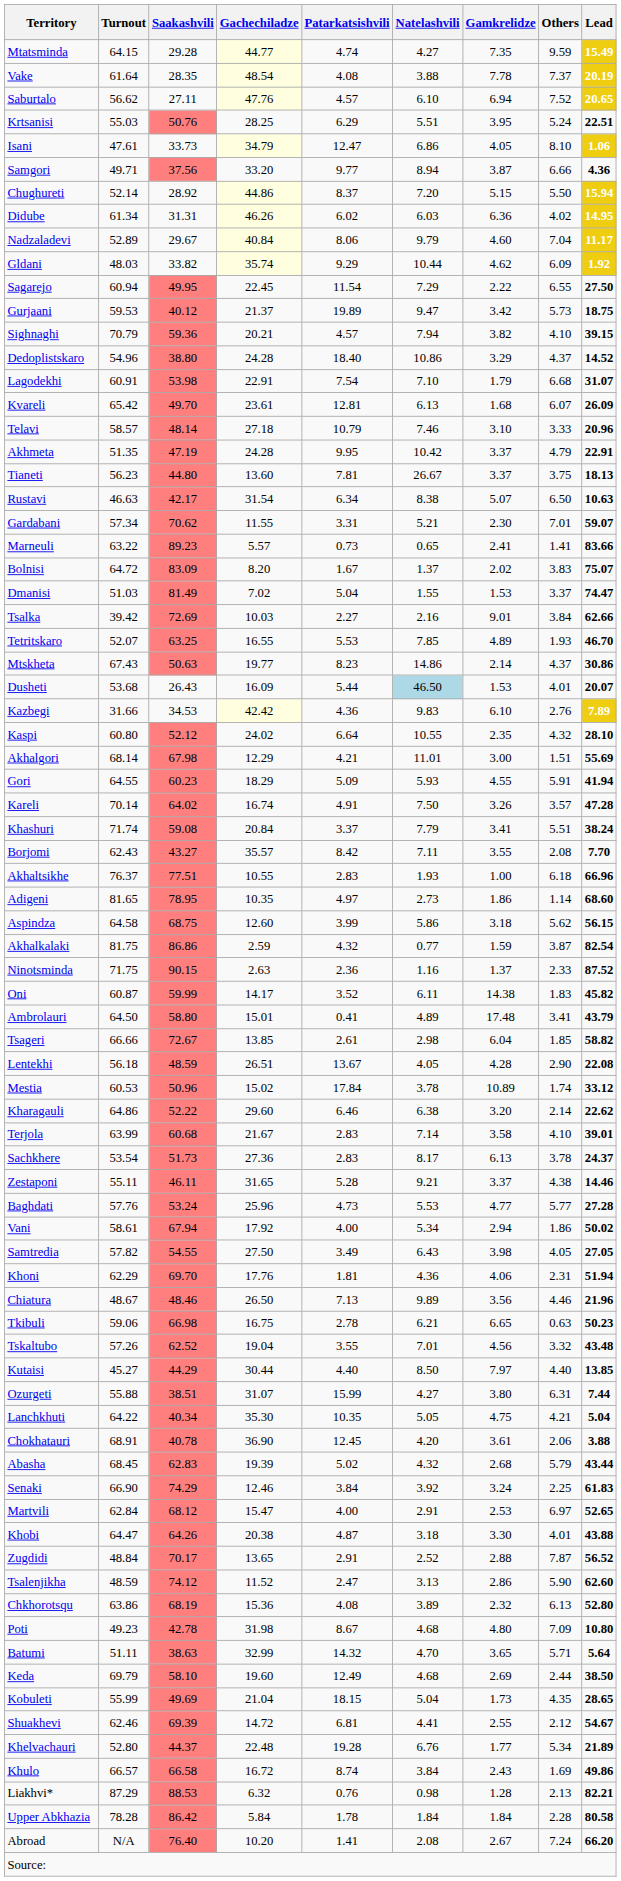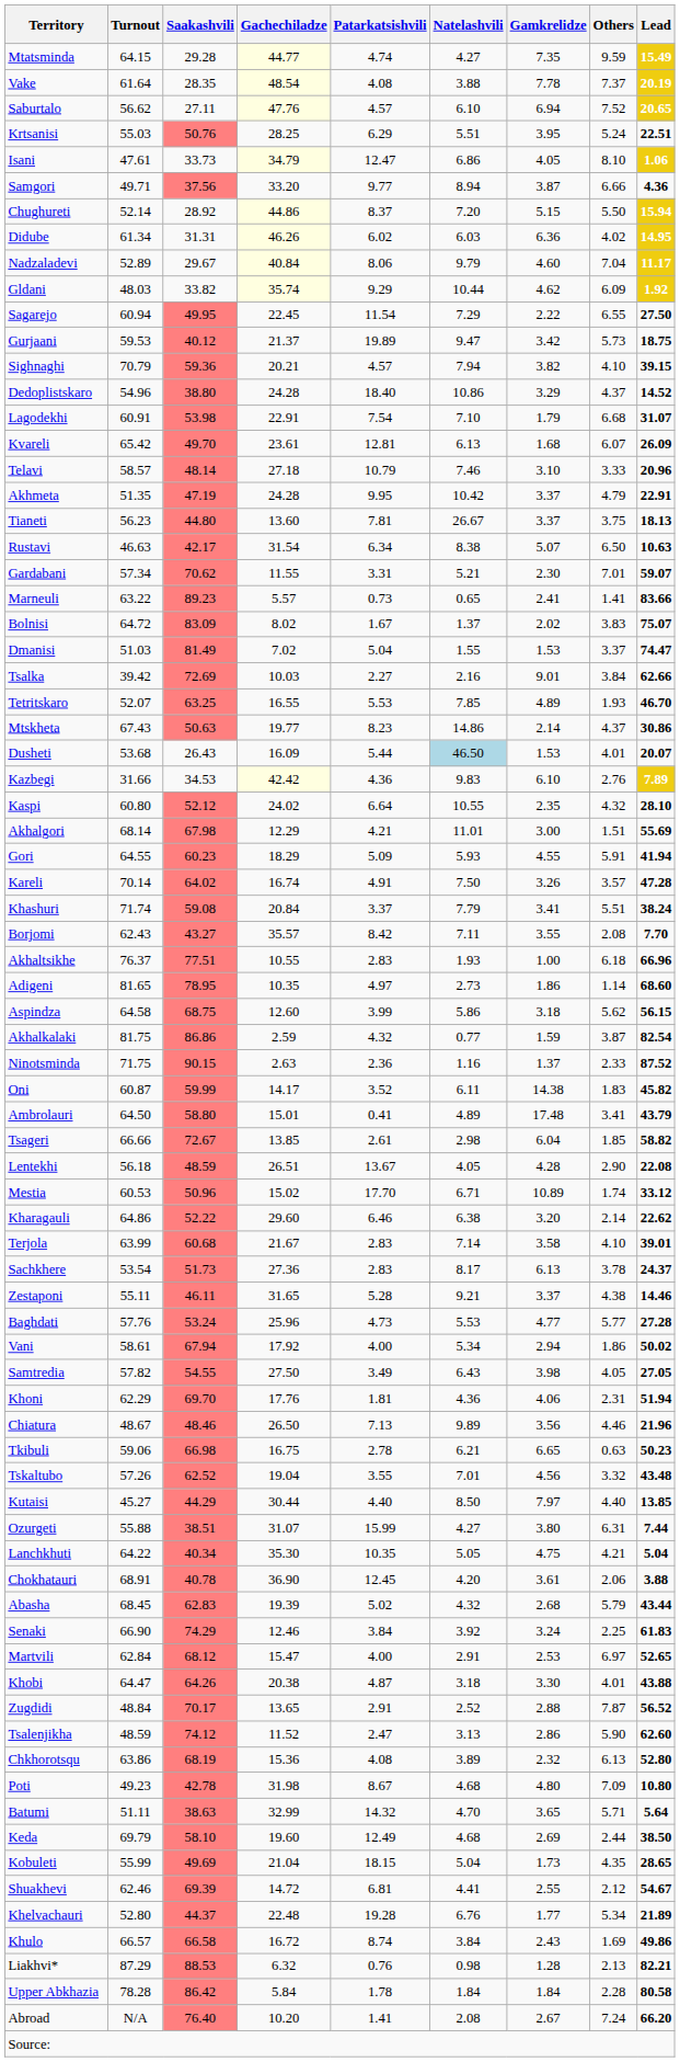 <table class="wikitable sortable" style="text-align:center;font-size:90%;line-height:20px">
 <tr style="height:40px;">
 <th style="width:100px;">Territory</th>
 <th style="width:40px;">Turnout</th>
 <th style="width:40px;"><a href='#'>Saakashvili</a></th>
 <th style="width:40px;"><a href='#'>Gachechiladze</a></th>
 <th style="width:40px;"><a href='#'>Patarkatsishvili</a></th>
 <th style="width:40px;"><a href='#'>Natelashvili</a></th>
 <th style="width:40px;"><a href='#'>Gamkrelidze</a></th>
 <th style="width:40px;">Others</th>
 <th style="width:30px;">Lead</th>
 </tr>
 <tr>
 <td align="left"><a href='#'>Mtatsminda</a></td>
 <td>64.15</td>
 <td>29.28</td>
 <td style="background:#FFFFE0;">44.77</td>
 <td>4.74</td>
 <td>4.27</td>
 <td>7.35</td>
 <td>9.59</td>
 <td style="background:#EFCD10; color:white;"><strong>15.49</strong></td>
 </tr>
 <tr>
 <td align="left"><a href='#'>Vake</a></td>
 <td>61.64</td>
 <td>28.35</td>
 <td style="background:#FFFFE0;">48.54</td>
 <td>4.08</td>
 <td>3.88</td>
 <td>7.78</td>
 <td>7.37</td>
 <td style="background:#EFCD10; color:white;"><strong>20.19</strong></td>
 </tr>
 <tr>
 <td align="left"><a href='#'>Saburtalo</a></td>
 <td>56.62</td>
 <td>27.11</td>
 <td style="background:#FFFFE0;">47.76</td>
 <td>4.57</td>
 <td>6.10</td>
 <td>6.94</td>
 <td>7.52</td>
 <td style="background:#EFCD10; color:white;"><strong>20.65</strong></td>
 </tr>
 <tr>
 <td align="left"><a href='#'>Krtsanisi</a></td>
 <td>55.03</td>
 <td style="background:#FF7F7F;">50.76</td>
 <td>28.25</td>
 <td>6.29</td>
 <td>5.51</td>
 <td>3.95</td>
 <td>5.24</td>
 <td style="background:"><strong>22.51</strong></td>
 </tr>
 <tr>
 <td align="left"><a href='#'>Isani</a></td>
 <td>47.61</td>
 <td>33.73</td>
 <td style="background:#FFFFE0;">34.79</td>
 <td>12.47</td>
 <td>6.86</td>
 <td>4.05</td>
 <td>8.10</td>
 <td style="background:#EFCD10; color:white;"><strong>1.06</strong></td>
 </tr>
 <tr>
 <td align="left"><a href='#'>Samgori</a></td>
 <td>49.71</td>
 <td style="background:#FF7F7F;">37.56</td>
 <td>33.20</td>
 <td>9.77</td>
 <td>8.94</td>
 <td>3.87</td>
 <td>6.66</td>
 <td style="background:"><strong>4.36</strong></td>
 </tr>
 <tr>
 <td align="left"><a href='#'>Chughureti</a></td>
 <td>52.14</td>
 <td>28.92</td>
 <td style="background:#FFFFE0;">44.86</td>
 <td>8.37</td>
 <td>7.20</td>
 <td>5.15</td>
 <td>5.50</td>
 <td style="background:#EFCD10; color:white;"><strong>15.94</strong></td>
 </tr>
 <tr>
 <td align="left"><a href='#'>Didube</a></td>
 <td>61.34</td>
 <td>31.31</td>
 <td style="background:#FFFFE0;">46.26</td>
 <td>6.02</td>
 <td>6.03</td>
 <td>6.36</td>
 <td>4.02</td>
 <td style="background:#EFCD10; color:white;"><strong>14.95</strong></td>
 </tr>
 <tr>
 <td align="left"><a href='#'>Nadzaladevi</a></td>
 <td>52.89</td>
 <td>29.67</td>
 <td style="background:#FFFFE0;">40.84</td>
 <td>8.06</td>
 <td>9.79</td>
 <td>4.60</td>
 <td>7.04</td>
 <td style="background:#EFCD10; color:white;"><strong>11.17</strong></td>
 </tr>
 <tr>
 <td align="left"><a href='#'>Gldani</a></td>
 <td>48.03</td>
 <td>33.82</td>
 <td style="background:#FFFFE0;">35.74</td>
 <td>9.29</td>
 <td>10.44</td>
 <td>4.62</td>
 <td>6.09</td>
 <td style="background:#EFCD10; color:white;"><strong>1.92</strong></td>
 </tr>
 <tr>
 <td align="left"><a href='#'>Sagarejo</a></td>
 <td>60.94</td>
 <td style="background:#FF7F7F;">49.95</td>
 <td>22.45</td>
 <td>11.54</td>
 <td>7.29</td>
 <td>2.22</td>
 <td>6.55</td>
 <td style="background:"><strong>27.50</strong></td>
 </tr>
 <tr>
 <td align="left"><a href='#'>Gurjaani</a></td>
 <td>59.53</td>
 <td style="background:#FF7F7F;">40.12</td>
 <td>21.37</td>
 <td>19.89</td>
 <td>9.47</td>
 <td>3.42</td>
 <td>5.73</td>
 <td style="background:"><strong>18.75</strong></td>
 </tr>
 <tr>
 <td align="left"><a href='#'>Sighnaghi</a></td>
 <td>70.79</td>
 <td style="background:#FF7F7F;">59.36</td>
 <td>20.21</td>
 <td>4.57</td>
 <td>7.94</td>
 <td>3.82</td>
 <td>4.10</td>
 <td style="background:"><strong>39.15</strong></td>
 </tr>
 <tr>
 <td align="left"><a href='#'>Dedoplistskaro</a></td>
 <td>54.96</td>
 <td style="background:#FF7F7F;">38.80</td>
 <td>24.28</td>
 <td>18.40</td>
 <td>10.86</td>
 <td>3.29</td>
 <td>4.37</td>
 <td style="background:"><strong>14.52</strong></td>
 </tr>
 <tr>
 <td align="left"><a href='#'>Lagodekhi</a></td>
 <td>60.91</td>
 <td style="background:#FF7F7F;">53.98</td>
 <td>22.91</td>
 <td>7.54</td>
 <td>7.10</td>
 <td>1.79</td>
 <td>6.68</td>
 <td style="background:"><strong>31.07</strong></td>
 </tr>
 <tr>
 <td align="left"><a href='#'>Kvareli</a></td>
 <td>65.42</td>
 <td style="background:#FF7F7F;">49.70</td>
 <td>23.61</td>
 <td>12.81</td>
 <td>6.13</td>
 <td>1.68</td>
 <td>6.07</td>
 <td style="background:"><strong>26.09</strong></td>
 </tr>
 <tr>
 <td align="left"><a href='#'>Telavi</a></td>
 <td>58.57</td>
 <td style="background:#FF7F7F;">48.14</td>
 <td>27.18</td>
 <td>10.79</td>
 <td>7.46</td>
 <td>3.10</td>
 <td>3.33</td>
 <td style="background:"><strong>20.96</strong></td>
 </tr>
 <tr>
 <td align="left"><a href='#'>Akhmeta</a></td>
 <td>51.35</td>
 <td style="background:#FF7F7F;">47.19</td>
 <td>24.28</td>
 <td>9.95</td>
 <td>10.42</td>
 <td>3.37</td>
 <td>4.79</td>
 <td style="background:"><strong>22.91</strong></td>
 </tr>
 <tr>
 <td align="left"><a href='#'>Tianeti</a></td>
 <td>56.23</td>
 <td style="background:#FF7F7F;">44.80</td>
 <td>13.60</td>
 <td>7.81</td>
 <td>26.67</td>
 <td>3.37</td>
 <td>3.75</td>
 <td style="background:"><strong>18.13</strong></td>
 </tr>
 <tr>
 <td align="left"><a href='#'>Rustavi</a></td>
 <td>46.63</td>
 <td style="background:#FF7F7F;">42.17</td>
 <td>31.54</td>
 <td>6.34</td>
 <td>8.38</td>
 <td>5.07</td>
 <td>6.50</td>
 <td style="background:"><strong>10.63</strong></td>
 </tr>
 <tr>
 <td align="left"><a href='#'>Gardabani</a></td>
 <td>57.34</td>
 <td style="background:#FF7F7F;">70.62</td>
 <td>11.55</td>
 <td>3.31</td>
 <td>5.21</td>
 <td>2.30</td>
 <td>7.01</td>
 <td style="background:"><strong>59.07</strong></td>
 </tr>
 <tr>
 <td align="left"><a href='#'>Marneuli</a></td>
 <td>63.22</td>
 <td style="background:#FF7F7F;">89.23</td>
 <td>5.57</td>
 <td>0.73</td>
 <td>0.65</td>
 <td>2.41</td>
 <td>1.41</td>
 <td style="background:"><strong>83.66</strong></td>
 </tr>
 <tr>
 <td align="left"><a href='#'>Bolnisi</a></td>
 <td>64.72</td>
 <td style="background:#FF7F7F;">83.09</td>
-<td>8.20</td>
+<td>8.02</td>
 <td>1.67</td>
 <td>1.37</td>
 <td>2.02</td>
 <td>3.83</td>
 <td style="background:"><strong>75.07</strong></td>
 </tr>
 <tr>
 <td align="left"><a href='#'>Dmanisi</a></td>
 <td>51.03</td>
 <td style="background:#FF7F7F;">81.49</td>
 <td>7.02</td>
 <td>5.04</td>
 <td>1.55</td>
 <td>1.53</td>
 <td>3.37</td>
 <td style="background:"><strong>74.47</strong></td>
 </tr>
 <tr>
 <td align="left"><a href='#'>Tsalka</a></td>
 <td>39.42</td>
 <td style="background:#FF7F7F;">72.69</td>
 <td>10.03</td>
 <td>2.27</td>
 <td>2.16</td>
 <td>9.01</td>
 <td>3.84</td>
 <td style="background:"><strong>62.66</strong></td>
 </tr>
 <tr>
 <td align="left"><a href='#'>Tetritskaro</a></td>
 <td>52.07</td>
 <td style="background:#FF7F7F;">63.25</td>
 <td>16.55</td>
 <td>5.53</td>
 <td>7.85</td>
 <td>4.89</td>
 <td>1.93</td>
 <td style="background:"><strong>46.70</strong></td>
 </tr>
 <tr>
 <td align="left"><a href='#'>Mtskheta</a></td>
 <td>67.43</td>
 <td style="background:#FF7F7F;">50.63</td>
 <td>19.77</td>
 <td>8.23</td>
 <td>14.86</td>
 <td>2.14</td>
 <td>4.37</td>
 <td style="background:"><strong>30.86</strong></td>
 </tr>
 <tr>
 <td align="left"><a href='#'>Dusheti</a></td>
 <td>53.68</td>
 <td>26.43</td>
 <td>16.09</td>
 <td>5.44</td>
 <td style="background:#ADD8E6;">46.50</td>
 <td>1.53</td>
 <td>4.01</td>
 <td style="background:"><strong>20.07</strong></td>
 </tr>
 <tr>
 <td align="left"><a href='#'>Kazbegi</a></td>
 <td>31.66</td>
 <td>34.53</td>
 <td style="background:#FFFFE0;">42.42</td>
 <td>4.36</td>
 <td>9.83</td>
 <td>6.10</td>
 <td>2.76</td>
 <td style="background:#EFCD10; color:white;"><strong>7.89</strong></td>
 </tr>
 <tr>
 <td align="left"><a href='#'>Kaspi</a></td>
 <td>60.80</td>
 <td style="background:#FF7F7F;">52.12</td>
 <td>24.02</td>
 <td>6.64</td>
 <td>10.55</td>
 <td>2.35</td>
 <td>4.32</td>
 <td style="background:"><strong>28.10</strong></td>
 </tr>
 <tr>
 <td align="left"><a href='#'>Akhalgori</a></td>
 <td>68.14</td>
 <td style="background:#FF7F7F;">67.98</td>
 <td>12.29</td>
 <td>4.21</td>
 <td>11.01</td>
 <td>3.00</td>
 <td>1.51</td>
 <td style="background:"><strong>55.69</strong></td>
 </tr>
 <tr>
 <td align="left"><a href='#'>Gori</a></td>
 <td>64.55</td>
 <td style="background:#FF7F7F;">60.23</td>
 <td>18.29</td>
 <td>5.09</td>
 <td>5.93</td>
 <td>4.55</td>
 <td>5.91</td>
 <td style="background:"><strong>41.94</strong></td>
 </tr>
 <tr>
 <td align="left"><a href='#'>Kareli</a></td>
 <td>70.14</td>
 <td style="background:#FF7F7F;">64.02</td>
 <td>16.74</td>
 <td>4.91</td>
 <td>7.50</td>
 <td>3.26</td>
 <td>3.57</td>
 <td style="background:"><strong>47.28</strong></td>
 </tr>
 <tr>
 <td align="left"><a href='#'>Khashuri</a></td>
 <td>71.74</td>
 <td style="background:#FF7F7F;">59.08</td>
 <td>20.84</td>
 <td>3.37</td>
 <td>7.79</td>
 <td>3.41</td>
 <td>5.51</td>
 <td style="background:"><strong>38.24</strong></td>
 </tr>
 <tr>
 <td align="left"><a href='#'>Borjomi</a></td>
 <td>62.43</td>
 <td style="background:#FF7F7F;">43.27</td>
 <td>35.57</td>
 <td>8.42</td>
 <td>7.11</td>
 <td>3.55</td>
 <td>2.08</td>
 <td style="background:"><strong>7.70</strong></td>
 </tr>
 <tr>
 <td align="left"><a href='#'>Akhaltsikhe</a></td>
 <td>76.37</td>
 <td style="background:#FF7F7F;">77.51</td>
 <td>10.55</td>
 <td>2.83</td>
 <td>1.93</td>
 <td>1.00</td>
 <td>6.18</td>
 <td style="background:"><strong>66.96</strong></td>
 </tr>
 <tr>
 <td align="left"><a href='#'>Adigeni</a></td>
 <td>81.65</td>
 <td style="background:#FF7F7F;">78.95</td>
 <td>10.35</td>
 <td>4.97</td>
 <td>2.73</td>
 <td>1.86</td>
 <td>1.14</td>
 <td style="background:"><strong>68.60</strong></td>
 </tr>
 <tr>
 <td align="left"><a href='#'>Aspindza</a></td>
 <td>64.58</td>
 <td style="background:#FF7F7F;">68.75</td>
 <td>12.60</td>
 <td>3.99</td>
 <td>5.86</td>
 <td>3.18</td>
 <td>5.62</td>
 <td style="background:"><strong>56.15</strong></td>
 </tr>
 <tr>
 <td align="left"><a href='#'>Akhalkalaki</a></td>
 <td>81.75</td>
 <td style="background:#FF7F7F;">86.86</td>
 <td>2.59</td>
 <td>4.32</td>
 <td>0.77</td>
 <td>1.59</td>
 <td>3.87</td>
 <td style="background:"><strong>82.54</strong></td>
 </tr>
 <tr>
 <td align="left"><a href='#'>Ninotsminda</a></td>
 <td>71.75</td>
 <td style="background:#FF7F7F;">90.15</td>
 <td>2.63</td>
 <td>2.36</td>
 <td>1.16</td>
 <td>1.37</td>
 <td>2.33</td>
 <td style="background:"><strong>87.52</strong></td>
 </tr>
 <tr>
 <td align="left"><a href='#'>Oni</a></td>
 <td>60.87</td>
 <td style="background:#FF7F7F;">59.99</td>
 <td>14.17</td>
 <td>3.52</td>
 <td>6.11</td>
 <td>14.38</td>
 <td>1.83</td>
 <td style="background:"><strong>45.82</strong></td>
 </tr>
 <tr>
 <td align="left"><a href='#'>Ambrolauri</a></td>
 <td>64.50</td>
 <td style="background:#FF7F7F;">58.80</td>
 <td>15.01</td>
 <td>0.41</td>
 <td>4.89</td>
 <td>17.48</td>
 <td>3.41</td>
 <td style="background:"><strong>43.79</strong></td>
 </tr>
 <tr>
 <td align="left"><a href='#'>Tsageri</a></td>
 <td>66.66</td>
 <td style="background:#FF7F7F;">72.67</td>
 <td>13.85</td>
 <td>2.61</td>
 <td>2.98</td>
 <td>6.04</td>
 <td>1.85</td>
 <td style="background:"><strong>58.82</strong></td>
 </tr>
 <tr>
 <td align="left"><a href='#'>Lentekhi</a></td>
 <td>56.18</td>
 <td style="background:#FF7F7F;">48.59</td>
 <td>26.51</td>
 <td>13.67</td>
 <td>4.05</td>
 <td>4.28</td>
 <td>2.90</td>
 <td style="background:"><strong>22.08</strong></td>
 </tr>
 <tr>
 <td align="left"><a href='#'>Mestia</a></td>
 <td>60.53</td>
 <td style="background:#FF7F7F;">50.96</td>
 <td>15.02</td>
-<td>17.84</td>
-<td>3.78</td>
+<td>17.70</td>
+<td>6.71</td>
 <td>10.89</td>
 <td>1.74</td>
 <td style="background:"><strong>33.12</strong></td>
 </tr>
 <tr>
 <td align="left"><a href='#'>Kharagauli</a></td>
 <td>64.86</td>
 <td style="background:#FF7F7F;">52.22</td>
 <td>29.60</td>
 <td>6.46</td>
 <td>6.38</td>
 <td>3.20</td>
 <td>2.14</td>
 <td style="background:"><strong>22.62</strong></td>
 </tr>
 <tr>
 <td align="left"><a href='#'>Terjola</a></td>
 <td>63.99</td>
 <td style="background:#FF7F7F;">60.68</td>
 <td>21.67</td>
 <td>2.83</td>
 <td>7.14</td>
 <td>3.58</td>
 <td>4.10</td>
 <td style="background:"><strong>39.01</strong></td>
 </tr>
 <tr>
 <td align="left"><a href='#'>Sachkhere</a></td>
 <td>53.54</td>
 <td style="background:#FF7F7F;">51.73</td>
 <td>27.36</td>
 <td>2.83</td>
 <td>8.17</td>
 <td>6.13</td>
 <td>3.78</td>
 <td style="background:"><strong>24.37</strong></td>
 </tr>
 <tr>
 <td align="left"><a href='#'>Zestaponi</a></td>
 <td>55.11</td>
 <td style="background:#FF7F7F;">46.11</td>
 <td>31.65</td>
 <td>5.28</td>
 <td>9.21</td>
 <td>3.37</td>
 <td>4.38</td>
 <td style="background:"><strong>14.46</strong></td>
 </tr>
 <tr>
 <td align="left"><a href='#'>Baghdati</a></td>
 <td>57.76</td>
 <td style="background:#FF7F7F;">53.24</td>
 <td>25.96</td>
 <td>4.73</td>
 <td>5.53</td>
 <td>4.77</td>
 <td>5.77</td>
 <td style="background:"><strong>27.28</strong></td>
 </tr>
 <tr>
 <td align="left"><a href='#'>Vani</a></td>
 <td>58.61</td>
 <td style="background:#FF7F7F;">67.94</td>
 <td>17.92</td>
 <td>4.00</td>
 <td>5.34</td>
 <td>2.94</td>
 <td>1.86</td>
 <td style="background:"><strong>50.02</strong></td>
 </tr>
 <tr>
 <td align="left"><a href='#'>Samtredia</a></td>
 <td>57.82</td>
 <td style="background:#FF7F7F;">54.55</td>
 <td>27.50</td>
 <td>3.49</td>
 <td>6.43</td>
 <td>3.98</td>
 <td>4.05</td>
 <td style="background:"><strong>27.05</strong></td>
 </tr>
 <tr>
 <td align="left"><a href='#'>Khoni</a></td>
 <td>62.29</td>
 <td style="background:#FF7F7F;">69.70</td>
 <td>17.76</td>
 <td>1.81</td>
 <td>4.36</td>
 <td>4.06</td>
 <td>2.31</td>
 <td style="background:"><strong>51.94</strong></td>
 </tr>
 <tr>
 <td align="left"><a href='#'>Chiatura</a></td>
 <td>48.67</td>
 <td style="background:#FF7F7F;">48.46</td>
 <td>26.50</td>
 <td>7.13</td>
 <td>9.89</td>
 <td>3.56</td>
 <td>4.46</td>
 <td style="background:"><strong>21.96</strong></td>
 </tr>
 <tr>
 <td align="left"><a href='#'>Tkibuli</a></td>
 <td>59.06</td>
 <td style="background:#FF7F7F;">66.98</td>
 <td>16.75</td>
 <td>2.78</td>
 <td>6.21</td>
 <td>6.65</td>
 <td>0.63</td>
 <td style="background:"><strong>50.23</strong></td>
 </tr>
 <tr>
 <td align="left"><a href='#'>Tskaltubo</a></td>
 <td>57.26</td>
 <td style="background:#FF7F7F;">62.52</td>
 <td>19.04</td>
 <td>3.55</td>
 <td>7.01</td>
 <td>4.56</td>
 <td>3.32</td>
 <td style="background:"><strong>43.48</strong></td>
 </tr>
 <tr>
 <td align="left"><a href='#'>Kutaisi</a></td>
 <td>45.27</td>
 <td style="background:#FF7F7F;">44.29</td>
 <td>30.44</td>
 <td>4.40</td>
 <td>8.50</td>
 <td>7.97</td>
 <td>4.40</td>
 <td style="background:"><strong>13.85</strong></td>
 </tr>
 <tr>
 <td align="left"><a href='#'>Ozurgeti</a></td>
 <td>55.88</td>
 <td style="background:#FF7F7F;">38.51</td>
 <td>31.07</td>
 <td>15.99</td>
 <td>4.27</td>
 <td>3.80</td>
 <td>6.31</td>
 <td style="background:"><strong>7.44</strong></td>
 </tr>
 <tr>
 <td align="left"><a href='#'>Lanchkhuti</a></td>
 <td>64.22</td>
 <td style="background:#FF7F7F;">40.34</td>
 <td>35.30</td>
 <td>10.35</td>
 <td>5.05</td>
 <td>4.75</td>
 <td>4.21</td>
 <td style="background:"><strong>5.04</strong></td>
 </tr>
 <tr>
 <td align="left"><a href='#'>Chokhatauri</a></td>
 <td>68.91</td>
 <td style="background:#FF7F7F;">40.78</td>
 <td>36.90</td>
 <td>12.45</td>
 <td>4.20</td>
 <td>3.61</td>
 <td>2.06</td>
 <td style="background:"><strong>3.88</strong></td>
 </tr>
 <tr>
 <td align="left"><a href='#'>Abasha</a></td>
 <td>68.45</td>
 <td style="background:#FF7F7F;">62.83</td>
 <td>19.39</td>
 <td>5.02</td>
 <td>4.32</td>
 <td>2.68</td>
 <td>5.79</td>
 <td style="background:"><strong>43.44</strong></td>
 </tr>
 <tr>
 <td align="left"><a href='#'>Senaki</a></td>
 <td>66.90</td>
 <td style="background:#FF7F7F;">74.29</td>
 <td>12.46</td>
 <td>3.84</td>
 <td>3.92</td>
 <td>3.24</td>
 <td>2.25</td>
 <td style="background:"><strong>61.83</strong></td>
 </tr>
 <tr>
 <td align="left"><a href='#'>Martvili</a></td>
 <td>62.84</td>
 <td style="background:#FF7F7F;">68.12</td>
 <td>15.47</td>
 <td>4.00</td>
 <td>2.91</td>
 <td>2.53</td>
 <td>6.97</td>
 <td style="background:"><strong>52.65</strong></td>
 </tr>
 <tr>
 <td align="left"><a href='#'>Khobi</a></td>
 <td>64.47</td>
 <td style="background:#FF7F7F;">64.26</td>
 <td>20.38</td>
 <td>4.87</td>
 <td>3.18</td>
 <td>3.30</td>
 <td>4.01</td>
 <td style="background:"><strong>43.88</strong></td>
 </tr>
 <tr>
 <td align="left"><a href='#'>Zugdidi</a></td>
 <td>48.84</td>
 <td style="background:#FF7F7F;">70.17</td>
 <td>13.65</td>
 <td>2.91</td>
 <td>2.52</td>
 <td>2.88</td>
 <td>7.87</td>
 <td style="background:"><strong>56.52</strong></td>
 </tr>
 <tr>
 <td align="left"><a href='#'>Tsalenjikha</a></td>
 <td>48.59</td>
 <td style="background:#FF7F7F;">74.12</td>
 <td>11.52</td>
 <td>2.47</td>
 <td>3.13</td>
 <td>2.86</td>
 <td>5.90</td>
 <td style="background:"><strong>62.60</strong></td>
 </tr>
 <tr>
 <td align="left"><a href='#'>Chkhorotsqu</a></td>
 <td>63.86</td>
 <td style="background:#FF7F7F;">68.19</td>
 <td>15.36</td>
 <td>4.08</td>
 <td>3.89</td>
 <td>2.32</td>
 <td>6.13</td>
 <td style="background:"><strong>52.80</strong></td>
 </tr>
 <tr>
 <td align="left"><a href='#'>Poti</a></td>
 <td>49.23</td>
 <td style="background:#FF7F7F;">42.78</td>
 <td>31.98</td>
 <td>8.67</td>
 <td>4.68</td>
 <td>4.80</td>
 <td>7.09</td>
 <td style="background:"><strong>10.80</strong></td>
 </tr>
 <tr>
 <td align="left"><a href='#'>Batumi</a></td>
 <td>51.11</td>
 <td style="background:#FF7F7F;">38.63</td>
 <td>32.99</td>
 <td>14.32</td>
 <td>4.70</td>
 <td>3.65</td>
 <td>5.71</td>
 <td style="background:"><strong>5.64</strong></td>
 </tr>
 <tr>
 <td align="left"><a href='#'>Keda</a></td>
 <td>69.79</td>
 <td style="background:#FF7F7F;">58.10</td>
 <td>19.60</td>
 <td>12.49</td>
 <td>4.68</td>
 <td>2.69</td>
 <td>2.44</td>
 <td style="background:"><strong>38.50</strong></td>
 </tr>
 <tr>
 <td align="left"><a href='#'>Kobuleti</a></td>
 <td>55.99</td>
 <td style="background:#FF7F7F;">49.69</td>
 <td>21.04</td>
 <td>18.15</td>
 <td>5.04</td>
 <td>1.73</td>
 <td>4.35</td>
 <td style="background:"><strong>28.65</strong></td>
 </tr>
 <tr>
 <td align="left"><a href='#'>Shuakhevi</a></td>
 <td>62.46</td>
 <td style="background:#FF7F7F;">69.39</td>
 <td>14.72</td>
 <td>6.81</td>
 <td>4.41</td>
 <td>2.55</td>
 <td>2.12</td>
 <td style="background:"><strong>54.67</strong></td>
 </tr>
 <tr>
 <td align="left"><a href='#'>Khelvachauri</a></td>
 <td>52.80</td>
 <td style="background:#FF7F7F;">44.37</td>
 <td>22.48</td>
 <td>19.28</td>
 <td>6.76</td>
 <td>1.77</td>
 <td>5.34</td>
 <td style="background:"><strong>21.89</strong></td>
 </tr>
 <tr>
 <td align="left"><a href='#'>Khulo</a></td>
 <td>66.57</td>
 <td style="background:#FF7F7F;">66.58</td>
 <td>16.72</td>
 <td>8.74</td>
 <td>3.84</td>
 <td>2.43</td>
 <td>1.69</td>
 <td style="background:"><strong>49.86</strong></td>
 </tr>
 <tr>
 <td align="left">Liakhvi*</td>
 <td>87.29</td>
 <td style="background:#FF7F7F;">88.53</td>
 <td>6.32</td>
 <td>0.76</td>
 <td>0.98</td>
 <td>1.28</td>
 <td>2.13</td>
 <td style="background:"><strong>82.21</strong></td>
 </tr>
 <tr>
 <td align="left"><a href='#'>Upper Abkhazia</a></td>
 <td>78.28</td>
 <td style="background:#FF7F7F;">86.42</td>
 <td>5.84</td>
 <td>1.78</td>
 <td>1.84</td>
 <td>1.84</td>
 <td>2.28</td>
 <td style="background:"><strong>80.58</strong></td>
 </tr>
 <tr>
 <td align="left">Abroad</td>
 <td>N/A</td>
 <td style="background:#FF7F7F;">76.40</td>
 <td>10.20</td>
 <td>1.41</td>
 <td>2.08</td>
 <td>2.67</td>
 <td>7.24</td>
 <td style="background:"><strong>66.20</strong></td>
 </tr>
 <tr>
 <td align=left colspan=10>Source:  </td>
 </tr>
 </table>
